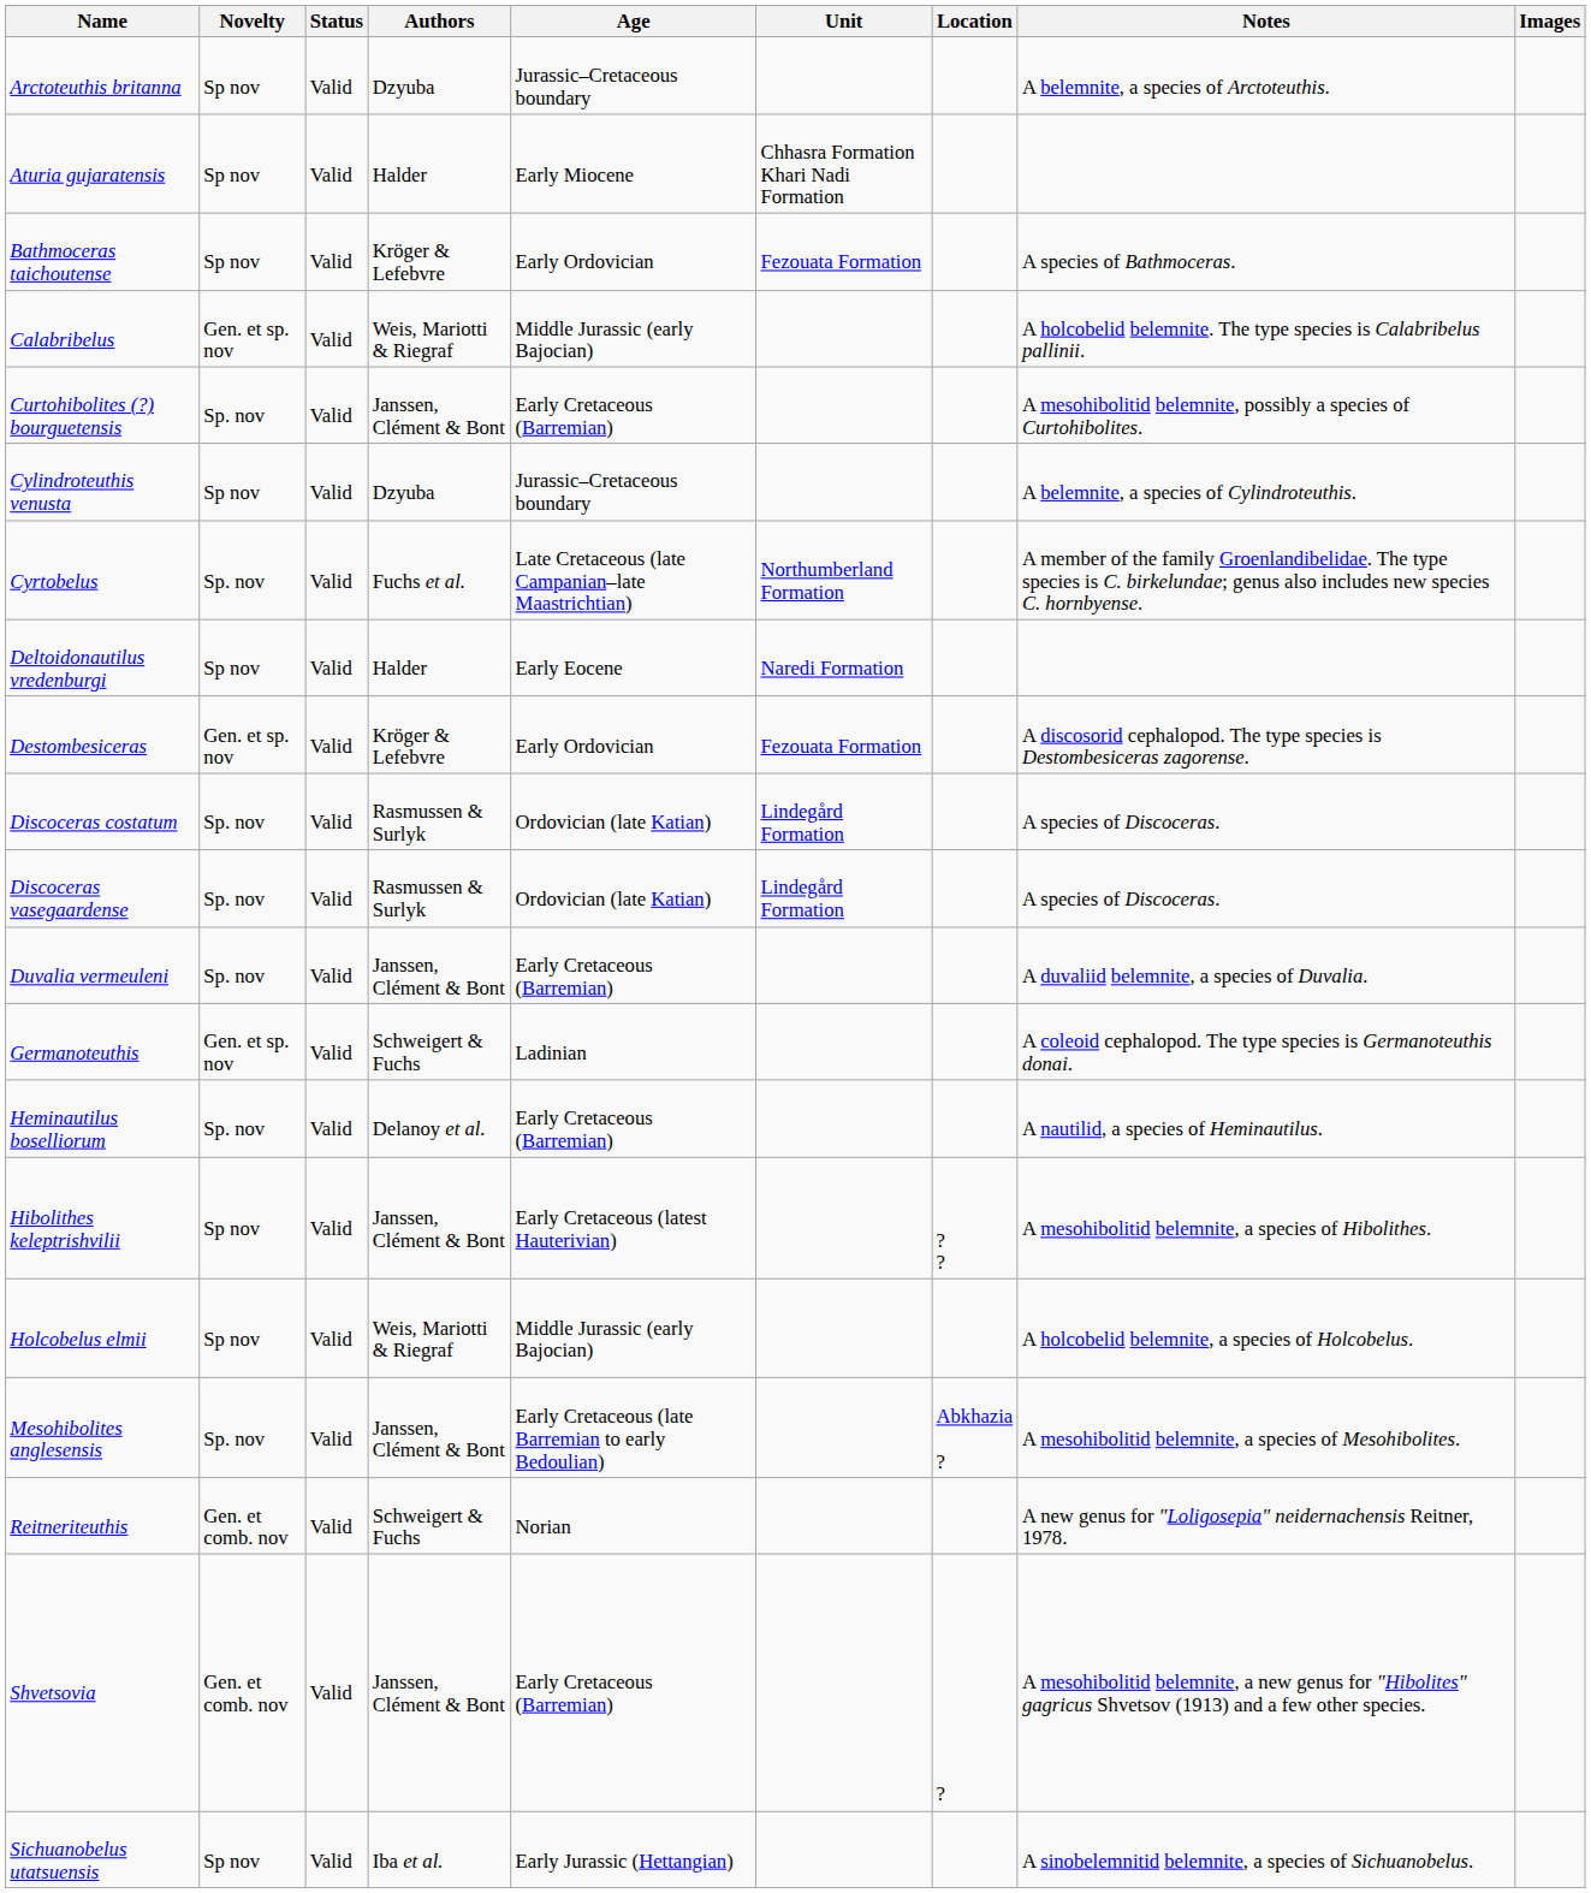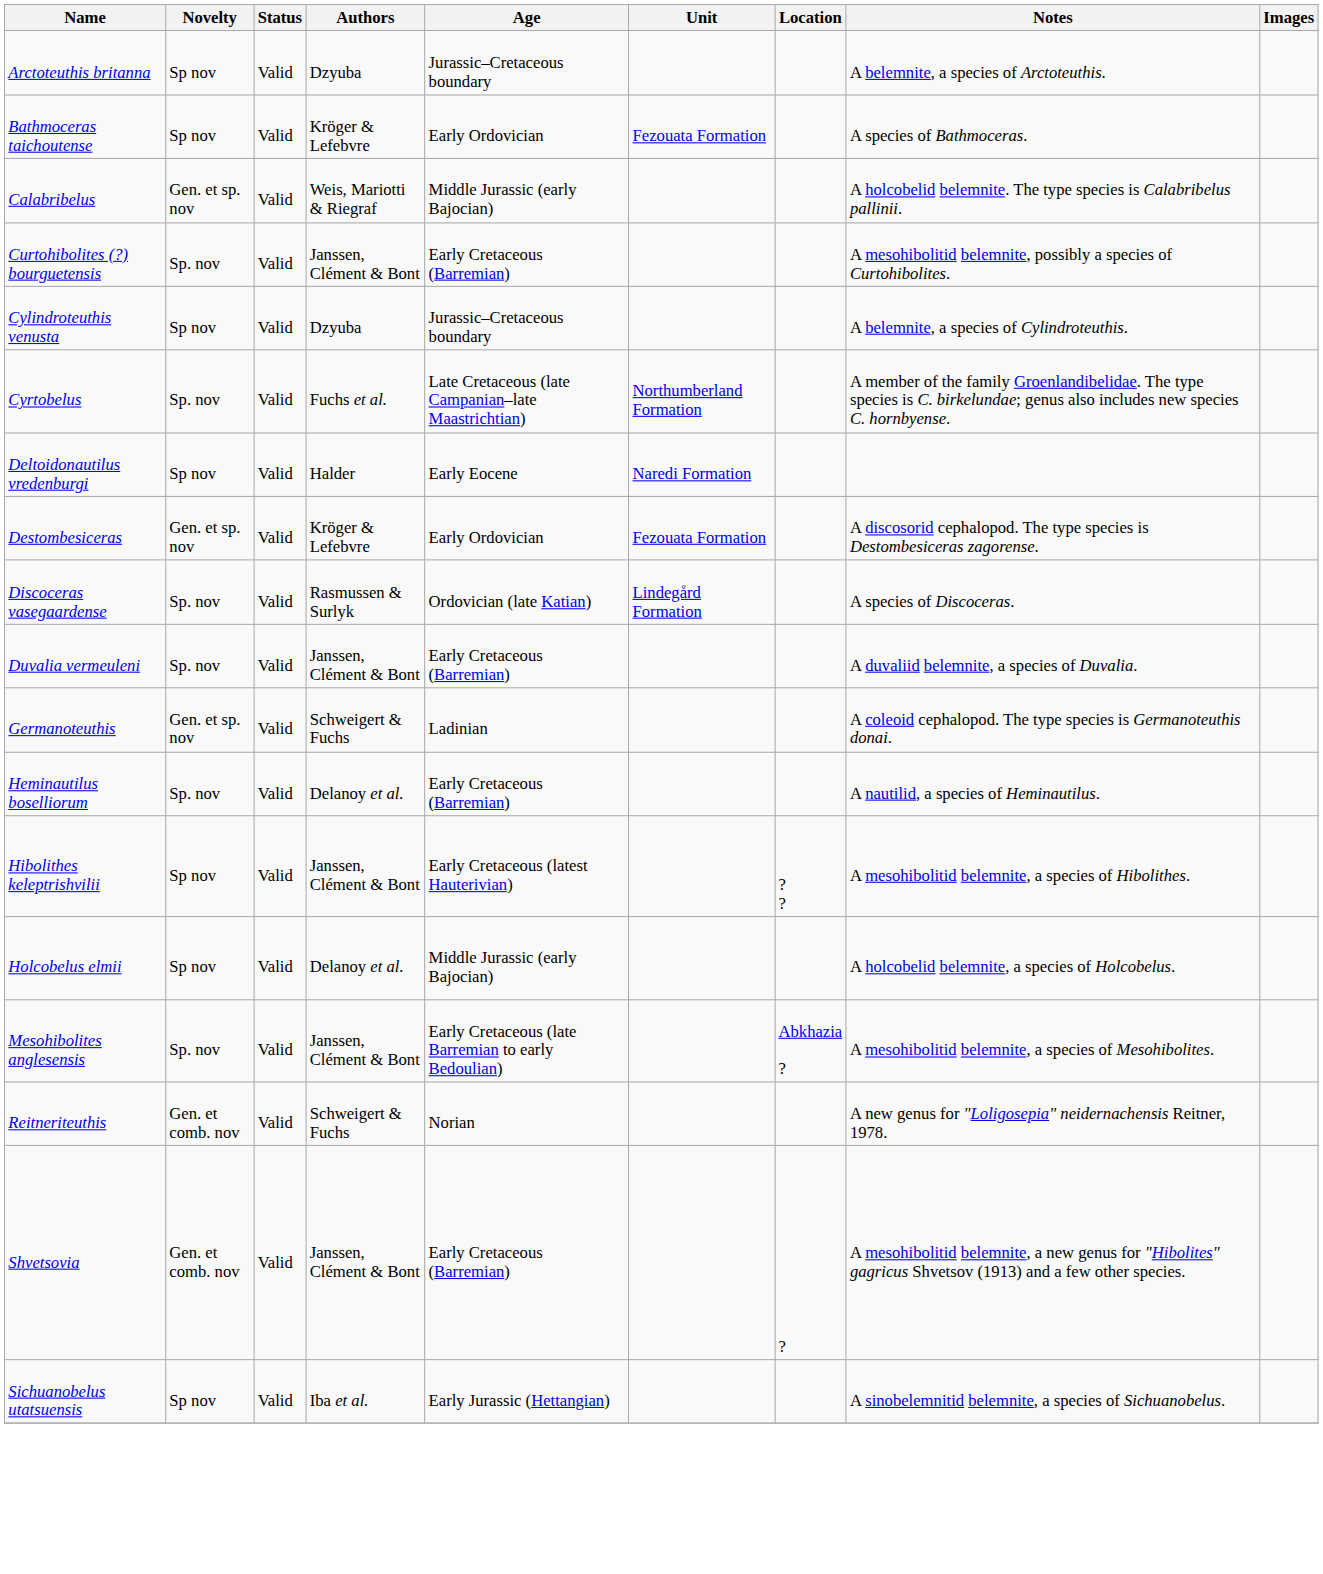 <table class="wikitable sortable" align="center" width="100%">
 <tr>
 <th>Name</th>
 <th>Novelty</th>
 <th>Status</th>
 <th>Authors</th>
 <th>Age</th>
 <th>Unit</th>
 <th>Location</th>
 <th>Notes</th>
 <th>Images</th>
 </tr>
 <tr>
 <td><br><em><a href='#'>Arctoteuthis britanna</a></em></td>
 <td><br>Sp nov</td>
 <td><br>Valid</td>
 <td><br>Dzyuba</td>
 <td><br>Jurassic–Cretaceous boundary</td>
 <td></td>
 <td><br><br> </td>
 <td><br>A <a href='#'>belemnite</a>, a species of <em>Arctoteuthis</em>.</td>
-<td></td>
-</tr>
-<tr>
-<td><br><em><a href='#'>Aturia gujaratensis</a></em></td>
-<td><br>Sp nov</td>
-<td><br>Valid</td>
-<td><br>Halder</td>
-<td><br>Early Miocene</td>
-<td><br>Chhasra Formation<br> Khari Nadi Formation</td>
-<td><br></td>
-<td></td>
 <td></td>
 </tr>
 <tr>
 <td><br><em><a href='#'>Bathmoceras taichoutense</a></em></td>
 <td><br>Sp nov</td>
 <td><br>Valid</td>
 <td><br>Kröger & Lefebvre</td>
 <td><br>Early Ordovician</td>
 <td><br><a href='#'>Fezouata Formation</a></td>
 <td><br></td>
 <td><br>A species of <em>Bathmoceras</em>.</td>
 <td></td>
 </tr>
 <tr>
 <td><br><em><a href='#'>Calabribelus</a></em></td>
 <td><br>Gen. et sp. nov</td>
 <td><br>Valid</td>
 <td><br>Weis, Mariotti & Riegraf</td>
 <td><br>Middle Jurassic (early Bajocian)</td>
 <td></td>
 <td><br><br> </td>
 <td><br>A <a href='#'>holcobelid</a> <a href='#'>belemnite</a>. The type species is <em>Calabribelus pallinii</em>.</td>
 <td></td>
 </tr>
 <tr>
 <td><br><em><a href='#'>Curtohibolites (?) bourguetensis</a></em></td>
 <td><br>Sp. nov</td>
 <td><br>Valid</td>
 <td><br>Janssen, Clément & Bont</td>
 <td><br>Early Cretaceous (<a href='#'>Barremian</a>)</td>
 <td></td>
 <td><br></td>
 <td><br>A <a href='#'>mesohibolitid</a> <a href='#'>belemnite</a>, possibly a species of <em>Curtohibolites</em>.</td>
 <td></td>
 </tr>
 <tr>
 <td><br><em><a href='#'>Cylindroteuthis venusta</a></em></td>
 <td><br>Sp nov</td>
 <td><br>Valid</td>
 <td><br>Dzyuba</td>
 <td><br>Jurassic–Cretaceous boundary</td>
 <td></td>
 <td><br></td>
 <td><br>A <a href='#'>belemnite</a>, a species of <em>Cylindroteuthis</em>.</td>
 <td></td>
 </tr>
 <tr>
 <td><br><em><a href='#'>Cyrtobelus</a></em></td>
 <td><br>Sp. nov</td>
 <td><br>Valid</td>
 <td><br>Fuchs <em>et al.</em></td>
 <td><br>Late Cretaceous (late <a href='#'>Campanian</a>–late <a href='#'>Maastrichtian</a>)</td>
 <td><br><a href='#'>Northumberland Formation</a></td>
 <td><br><br> </td>
 <td><br>A member of the family <a href='#'>Groenlandibelidae</a>. The type species is <em>C. birkelundae</em>; genus also includes new species <em>C. hornbyense</em>.</td>
 <td></td>
 </tr>
 <tr>
 <td><br><em><a href='#'>Deltoidonautilus vredenburgi</a></em></td>
 <td><br>Sp nov</td>
 <td><br>Valid</td>
 <td><br>Halder</td>
 <td><br>Early Eocene</td>
 <td><br><a href='#'>Naredi Formation</a></td>
 <td><br></td>
 <td></td>
 <td></td>
 </tr>
 <tr>
 <td><br><em><a href='#'>Destombesiceras</a></em></td>
 <td><br>Gen. et sp. nov</td>
 <td><br>Valid</td>
 <td><br>Kröger & Lefebvre</td>
 <td><br>Early Ordovician</td>
 <td><br><a href='#'>Fezouata Formation</a></td>
 <td><br></td>
 <td><br>A <a href='#'>discosorid</a> cephalopod. The type species is <em>Destombesiceras zagorense</em>.</td>
 <td></td>
 </tr>
 <tr>
-<td><br><em><a href='#'>Discoceras costatum</a></em></td>
-<td><br>Sp. nov</td>
-<td><br>Valid</td>
-<td><br>Rasmussen & Surlyk</td>
-<td><br>Ordovician (late <a href='#'>Katian</a>)</td>
-<td><br><a href='#'>Lindegård Formation</a></td>
-<td><br></td>
-<td><br>A species of <em>Discoceras</em>.</td>
-<td></td>
-</tr>
-<tr>
 <td><br><em><a href='#'>Discoceras vasegaardense</a></em></td>
 <td><br>Sp. nov</td>
 <td><br>Valid</td>
 <td><br>Rasmussen & Surlyk</td>
 <td><br>Ordovician (late <a href='#'>Katian</a>)</td>
 <td><br><a href='#'>Lindegård Formation</a></td>
 <td><br></td>
 <td><br>A species of <em>Discoceras</em>.</td>
 <td></td>
 </tr>
 <tr>
 <td><br><em><a href='#'>Duvalia vermeuleni</a></em></td>
 <td><br>Sp. nov</td>
 <td><br>Valid</td>
 <td><br>Janssen, Clément & Bont</td>
 <td><br>Early Cretaceous (<a href='#'>Barremian</a>)</td>
 <td></td>
 <td><br><br> <br> </td>
 <td><br>A <a href='#'>duvaliid</a> <a href='#'>belemnite</a>, a species of <em>Duvalia</em>.</td>
 <td></td>
 </tr>
 <tr>
 <td><br><em><a href='#'>Germanoteuthis</a></em></td>
 <td><br>Gen. et sp. nov</td>
 <td><br>Valid</td>
 <td><br>Schweigert & Fuchs</td>
 <td><br>Ladinian</td>
 <td></td>
 <td><br></td>
 <td><br>A <a href='#'>coleoid</a> cephalopod. The type species is <em>Germanoteuthis donai</em>.</td>
 <td></td>
 </tr>
 <tr>
 <td><br><em><a href='#'>Heminautilus boselliorum</a></em></td>
 <td><br>Sp. nov</td>
 <td><br>Valid</td>
 <td><br>Delanoy <em>et al.</em></td>
 <td><br>Early Cretaceous (<a href='#'>Barremian</a>)</td>
 <td></td>
 <td><br></td>
 <td><br>A <a href='#'>nautilid</a>, a species of <em>Heminautilus</em>.</td>
 <td></td>
 </tr>
 <tr>
 <td><br><em><a href='#'>Hibolithes keleptrishvilii</a></em></td>
 <td><br>Sp nov</td>
 <td><br>Valid</td>
 <td><br>Janssen, Clément & Bont</td>
 <td><br>Early Cretaceous (latest <a href='#'>Hauterivian</a>)</td>
 <td></td>
 <td><br><br> <br> ?<br> ?</td>
 <td><br>A <a href='#'>mesohibolitid</a> <a href='#'>belemnite</a>, a species of <em>Hibolithes</em>.</td>
 <td></td>
 </tr>
 <tr>
 <td><br><em><a href='#'>Holcobelus elmii</a></em></td>
 <td><br>Sp nov</td>
 <td><br>Valid</td>
-<td><br>Weis, Mariotti & Riegraf</td>
+<td><br>Delanoy <em>et al.</em></td>
 <td><br>Middle Jurassic (early Bajocian)</td>
 <td></td>
 <td><br><br> <br> <br> </td>
 <td><br>A <a href='#'>holcobelid</a> <a href='#'>belemnite</a>, a species of <em>Holcobelus</em>.</td>
 <td></td>
 </tr>
 <tr>
 <td><br><em><a href='#'>Mesohibolites anglesensis</a></em></td>
 <td><br>Sp. nov</td>
 <td><br>Valid</td>
 <td><br>Janssen, Clément & Bont</td>
 <td><br>Early Cretaceous (late <a href='#'>Barremian</a> to early <a href='#'>Bedoulian</a>)</td>
 <td></td>
 <td><br><a href='#'>Abkhazia</a><br> <br> ?</td>
 <td><br>A <a href='#'>mesohibolitid</a> <a href='#'>belemnite</a>, a species of <em>Mesohibolites</em>.</td>
 <td></td>
 </tr>
 <tr>
 <td><br><em><a href='#'>Reitneriteuthis</a></em></td>
 <td><br>Gen. et comb. nov</td>
 <td><br>Valid</td>
 <td><br>Schweigert & Fuchs</td>
 <td><br>Norian</td>
 <td></td>
 <td><br></td>
 <td><br>A new genus for <em>"<a href='#'>Loligosepia</a>" neidernachensis</em> Reitner, 1978.</td>
 <td></td>
 </tr>
 <tr>
 <td><br><em><a href='#'>Shvetsovia</a></em></td>
 <td><br>Gen. et comb. nov</td>
 <td><br>Valid</td>
 <td><br>Janssen, Clément & Bont</td>
 <td><br>Early Cretaceous (<a href='#'>Barremian</a>)</td>
 <td></td>
 <td><br><br> <br> <br> <br> <br> <br> <br> <br> <br> ?</td>
 <td><br>A <a href='#'>mesohibolitid</a> <a href='#'>belemnite</a>, a new genus for <em>"<a href='#'>Hibolites</a>" gagricus</em> Shvetsov (1913) and a few other species.</td>
 <td></td>
 </tr>
 <tr>
 <td><br><em><a href='#'>Sichuanobelus utatsuensis</a></em></td>
 <td><br>Sp nov</td>
 <td><br>Valid</td>
 <td><br>Iba <em>et al.</em></td>
 <td><br>Early Jurassic (<a href='#'>Hettangian</a>)</td>
 <td></td>
 <td><br></td>
 <td><br>A <a href='#'>sinobelemnitid</a> <a href='#'>belemnite</a>, a species of <em>Sichuanobelus</em>.</td>
 <td></td>
 </tr>
 <tr>
 </tr>
 </table>
